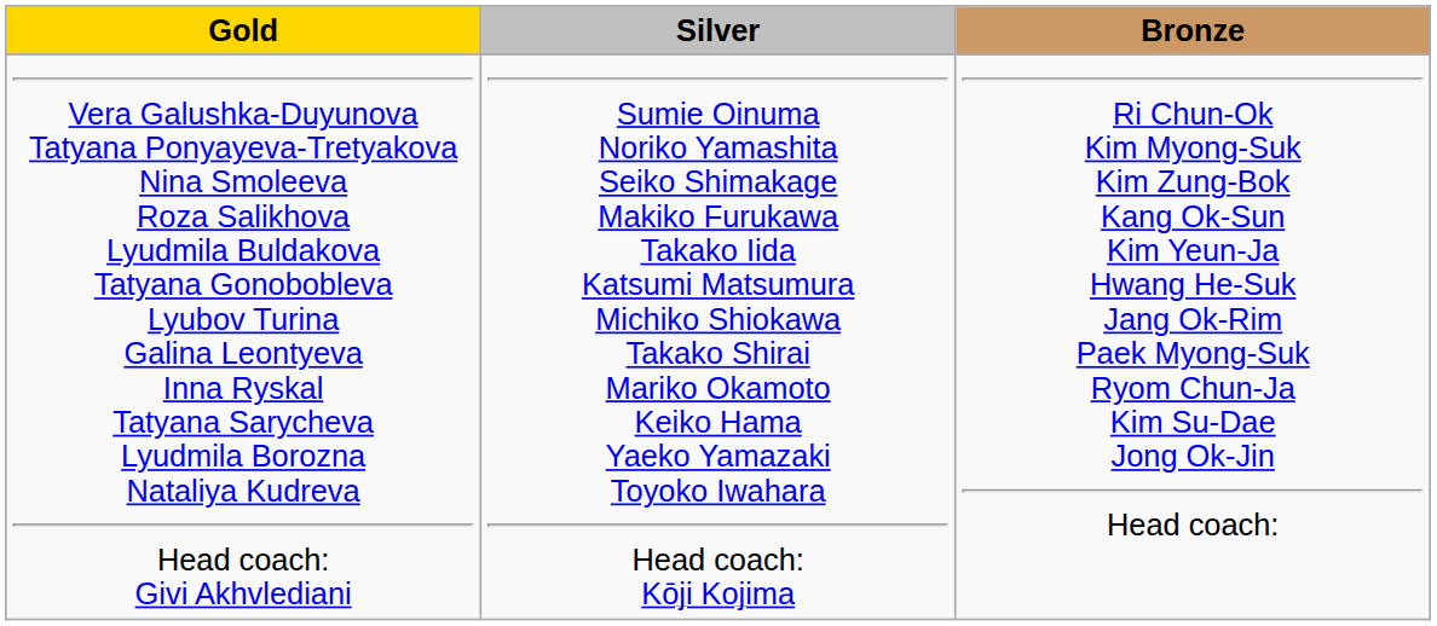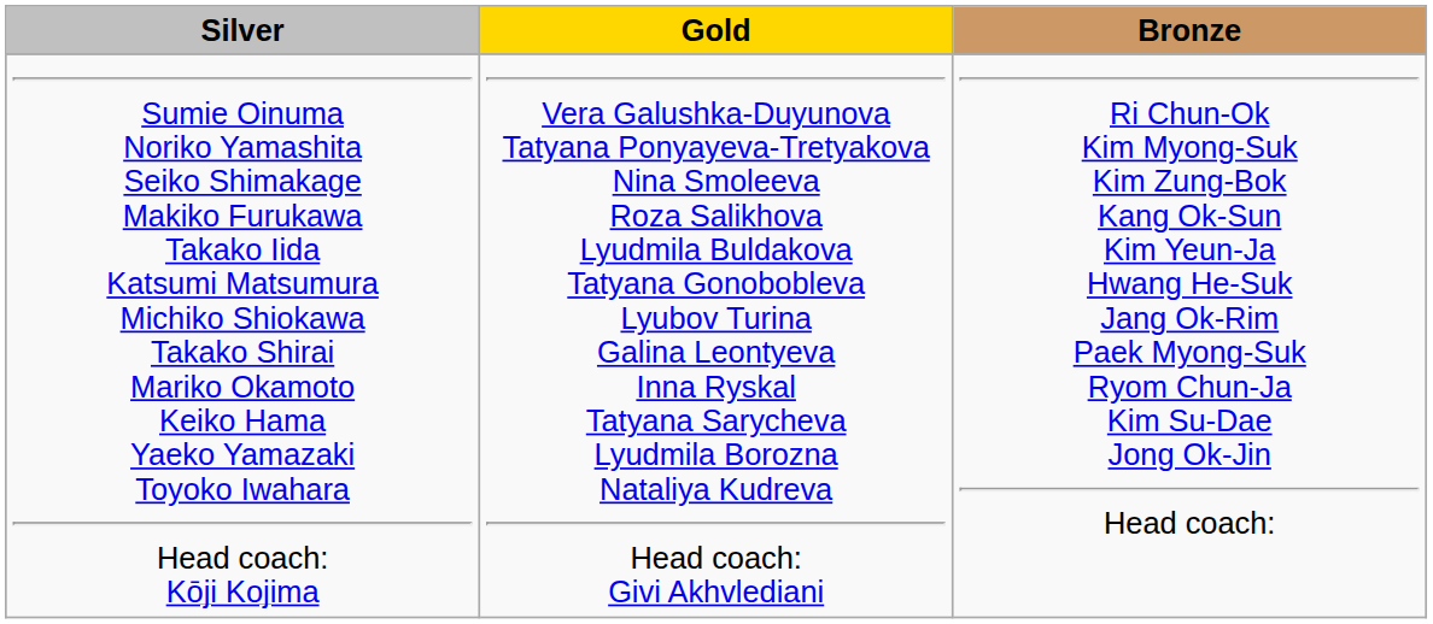 <table class="wikitable" style="font-size:95%;text-align:center;">
 <tr>
+<th style="width:15em; background-color:silver">Silver</th>
 <th style="width:15em; background-color:gold">Gold</th>
-<th style="width:15em; background-color:silver">Silver</th>
 <th style="width:15em; background-color:#CC9966">Bronze</th>
 </tr>
 <tr valign="top">
+<td><hr><a href='#'>Sumie Oinuma</a><br><a href='#'>Noriko Yamashita</a><br><a href='#'>Seiko Shimakage</a><br><a href='#'>Makiko Furukawa</a><br><a href='#'>Takako Iida</a><br><a href='#'>Katsumi Matsumura</a><br><a href='#'>Michiko Shiokawa</a><br><a href='#'>Takako Shirai</a><br><a href='#'>Mariko Okamoto</a><br><a href='#'>Keiko Hama</a><br><a href='#'>Yaeko Yamazaki</a><br><a href='#'>Toyoko Iwahara</a><br><hr>Head coach:<br><a href='#'>Kōji Kojima</a></td>
 <td><hr><a href='#'>Vera Galushka-Duyunova</a><br><a href='#'>Tatyana Ponyayeva-Tretyakova</a><br><a href='#'>Nina Smoleeva</a><br><a href='#'>Roza Salikhova</a><br><a href='#'>Lyudmila Buldakova</a><br><a href='#'>Tatyana Gonobobleva</a><br><a href='#'>Lyubov Turina</a><br><a href='#'>Galina Leontyeva</a><br><a href='#'>Inna Ryskal</a><br><a href='#'>Tatyana Sarycheva</a><br><a href='#'>Lyudmila Borozna</a><br><a href='#'>Nataliya Kudreva</a><br><hr>Head coach:<br><a href='#'>Givi Akhvlediani</a></td>
-<td><hr><a href='#'>Sumie Oinuma</a><br><a href='#'>Noriko Yamashita</a><br><a href='#'>Seiko Shimakage</a><br><a href='#'>Makiko Furukawa</a><br><a href='#'>Takako Iida</a><br><a href='#'>Katsumi Matsumura</a><br><a href='#'>Michiko Shiokawa</a><br><a href='#'>Takako Shirai</a><br><a href='#'>Mariko Okamoto</a><br><a href='#'>Keiko Hama</a><br><a href='#'>Yaeko Yamazaki</a><br><a href='#'>Toyoko Iwahara</a><br><hr>Head coach:<br><a href='#'>Kōji Kojima</a></td>
 <td><hr><a href='#'>Ri Chun-Ok</a><br><a href='#'>Kim Myong-Suk</a><br><a href='#'>Kim Zung-Bok</a><br><a href='#'>Kang Ok-Sun</a><br><a href='#'>Kim Yeun-Ja</a><br><a href='#'>Hwang He-Suk</a><br><a href='#'>Jang Ok-Rim</a><br><a href='#'>Paek Myong-Suk</a><br><a href='#'>Ryom Chun-Ja</a><br><a href='#'>Kim Su-Dae</a><br><a href='#'>Jong Ok-Jin</a><br><hr>Head coach:</td>
 </tr>
 </table>
